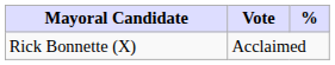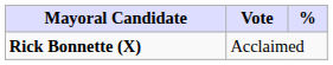 <table class="wikitable">
 <tr>
 <th style="background:#ddf; width:200px;">Mayoral Candidate </th>
 <th style="background:#ddf; width:50px;">Vote</th>
 <th style="background:#ddf; width:30px;">%</th>
 </tr>
 <tr>
-<td>Rick Bonnette (X)</td>
+<td><strong>Rick Bonnette (X)</strong></td>
 <td colspan="2">Acclaimed</td>
 </tr>
 </table>
